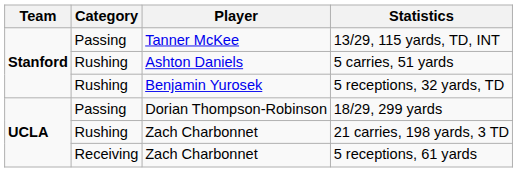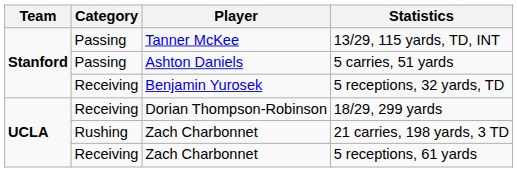 <table class="wikitable" style="float: right;">
 <tr>
 <th>Team</th>
 <th>Category</th>
 <th>Player</th>
 <th>Statistics</th>
 </tr>
 <tr>
 <td rowspan=3><strong>Stanford</strong></td>
 <td>Passing</td>
 <td><a href='#'>Tanner McKee</a></td>
 <td>13/29, 115 yards, TD, INT</td>
 </tr>
 <tr>
-<td>Rushing</td>
+<td>Passing</td>
 <td><a href='#'>Ashton Daniels</a></td>
 <td>5 carries, 51 yards</td>
 </tr>
 <tr>
-<td>Rushing</td>
+<td>Receiving</td>
 <td><a href='#'>Benjamin Yurosek</a></td>
 <td>5 receptions, 32 yards, TD</td>
 </tr>
 <tr>
 <td rowspan=3><strong>UCLA</strong></td>
-<td>Passing</td>
+<td>Receiving</td>
 <td>Dorian Thompson-Robinson</td>
 <td>18/29, 299 yards</td>
 </tr>
 <tr>
 <td>Rushing</td>
 <td>Zach Charbonnet</td>
 <td>21 carries, 198 yards, 3 TD</td>
 </tr>
 <tr>
 <td>Receiving</td>
 <td>Zach Charbonnet</td>
 <td>5 receptions, 61 yards</td>
 </tr>
 </table>
